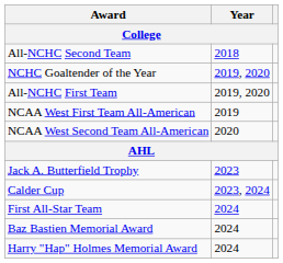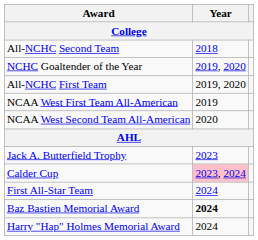 <table class="wikitable">
 <tr>
 <th>Award</th>
 <th>Year</th>
 <th></th>
 </tr>
 <tr>
 <th colspan="3"><a href='#'>College</a></th>
 </tr>
 <tr>
 <td>All-<a href='#'>NCHC</a> <a href='#'>Second Team</a></td>
 <td><a href='#'>2018</a></td>
 <td></td>
 </tr>
 <tr>
 <td><a href='#'>NCHC</a> Goaltender of the Year</td>
 <td><a href='#'>2019</a>, <a href='#'>2020</a></td>
 <td></td>
 </tr>
 <tr>
 <td>All-<a href='#'>NCHC</a> <a href='#'>First Team</a></td>
 <td>2019, 2020</td>
 <td></td>
 </tr>
 <tr>
 <td>NCAA <a href='#'>West First Team All-American</a></td>
 <td>2019</td>
 <td></td>
 </tr>
 <tr>
 <td>NCAA <a href='#'>West Second Team All-American</a></td>
 <td>2020</td>
 <td></td>
 </tr>
 <tr>
 <th colspan="3"><a href='#'>AHL</a></th>
 </tr>
 <tr>
 <td><a href='#'>Jack A. Butterfield Trophy</a></td>
 <td><a href='#'>2023</a></td>
 <td></td>
 </tr>
 <tr>
 <td><a href='#'>Calder Cup</a></td>
-<td><a href='#'>2023</a>, <a href='#'>2024</a></td>
+<td style="background: pink;"><a href='#'>2023</a>, <a href='#'>2024</a></td>
 <td></td>
 </tr>
 <tr>
 <td><a href='#'>First All-Star Team</a></td>
 <td><a href='#'>2024</a></td>
 <td></td>
 </tr>
 <tr>
 <td><a href='#'>Baz Bastien Memorial Award</a></td>
-<td>2024</td>
+<td><strong>2024</strong></td>
 <td></td>
 </tr>
 <tr>
 <td><a href='#'>Harry "Hap" Holmes Memorial Award</a></td>
 <td>2024</td>
 <td></td>
 </tr>
 </table>
